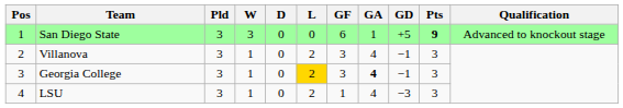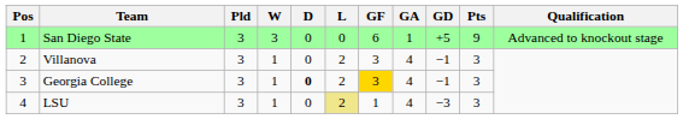 <table class="wikitable" style="text-align:center; margin: 1em auto">
 <tr>
 <th style=width:2em>Pos</th>
 <th style=width:13em>Team</th>
 <th style=width:2em>Pld</th>
 <th style=width:2em>W</th>
 <th style=width:2em>D</th>
 <th style=width:2em>L</th>
 <th style=width:2em>GF</th>
 <th style=width:2em>GA</th>
 <th style=width:2em>GD</th>
 <th style=width:2em>Pts</th>
 <th style=width:13em>Qualification</th>
 </tr>
 <tr bgcolor="#9eff9e">
 <td>1</td>
 <td style="text-align:left">San Diego State</td>
 <td>3</td>
 <td>3</td>
 <td>0</td>
 <td>0</td>
 <td>6</td>
 <td>1</td>
 <td>+5</td>
-<td><strong>9</strong></td>
+<td>9</td>
 <td>Advanced to knockout stage</td>
 </tr>
 <tr>
 <td>2</td>
 <td style="text-align:left">Villanova</td>
 <td>3</td>
 <td>1</td>
 <td>0</td>
 <td>2</td>
 <td>3</td>
 <td>4</td>
 <td>−1</td>
 <td>3</td>
 </tr>
 <tr>
 <td>3</td>
 <td style="text-align:left">Georgia College</td>
 <td>3</td>
 <td>1</td>
-<td>0</td>
-<td style="background: gold;">2</td>
-<td>3</td>
-<td><strong>4</strong></td>
+<td><strong>0</strong></td>
+<td>2</td>
+<td style="background: gold;">3</td>
+<td>4</td>
 <td>−1</td>
 <td>3</td>
 </tr>
 <tr>
 <td>4</td>
 <td style="text-align:left">LSU</td>
 <td>3</td>
 <td>1</td>
 <td>0</td>
-<td>2</td>
+<td style="background: khaki;">2</td>
 <td>1</td>
 <td>4</td>
 <td>−3</td>
 <td>3</td>
 </tr>
 </table>
